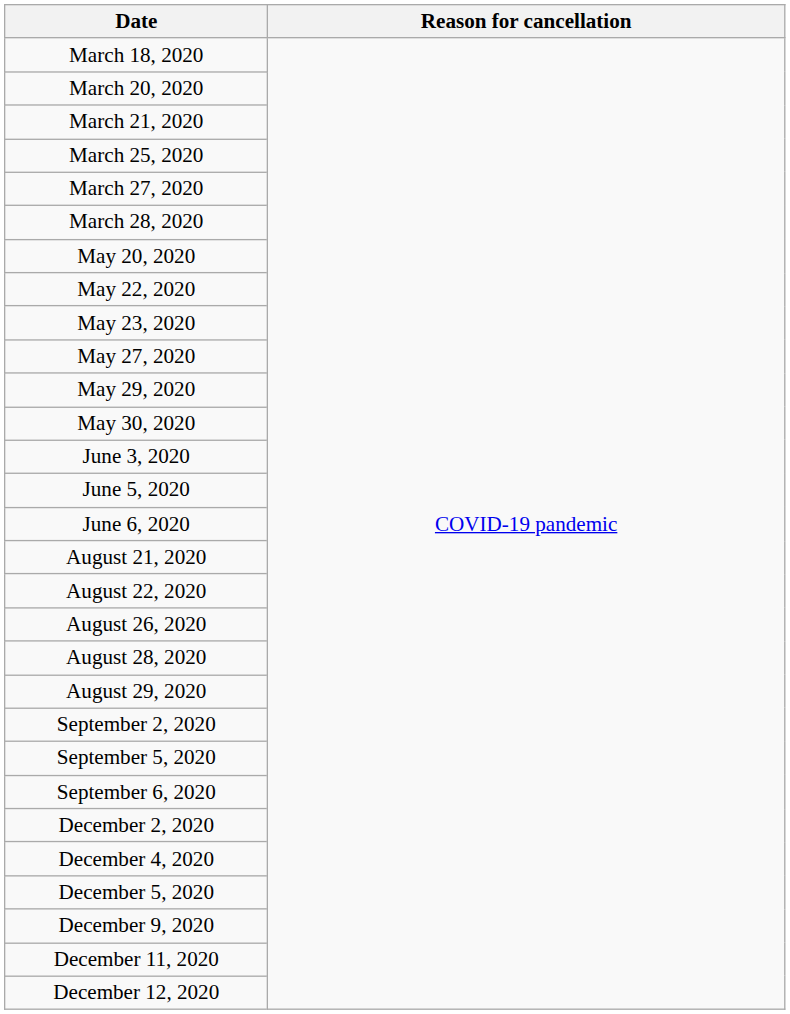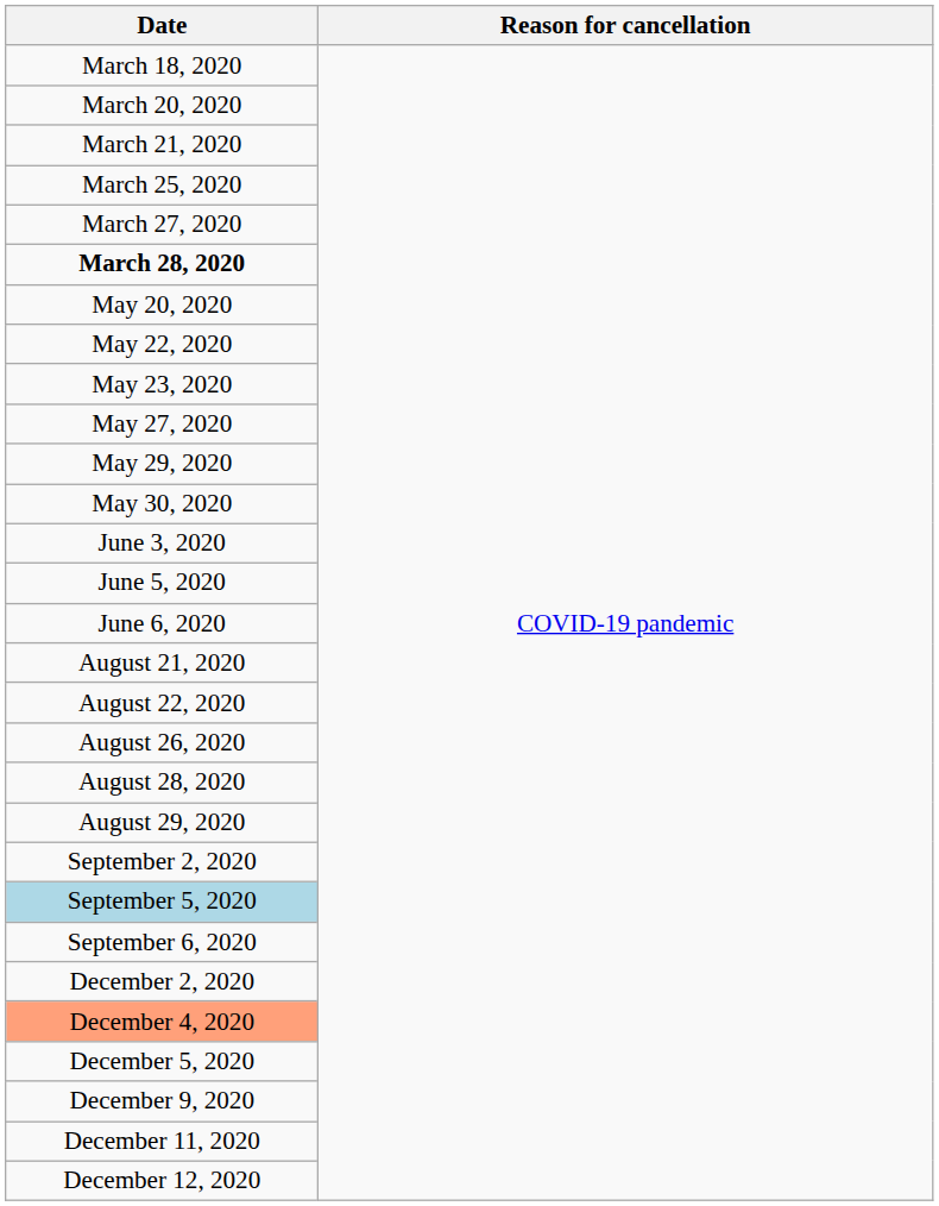 <table class="wikitable plainrowheaders" style="text-align:center;">
 <tr>
 <th scope="col" style="width:12em;">Date</th>
 <th scope="col" style="width:24em;">Reason for cancellation</th>
 </tr>
 <tr>
 <td scope="row">March 18, 2020</td>
 <td rowspan="29"><a href='#'>COVID-19 pandemic</a></td>
 </tr>
 <tr>
 <td scope="row">March 20, 2020</td>
 </tr>
 <tr>
 <td scope="row">March 21, 2020</td>
 </tr>
 <tr>
 <td scope="row">March 25, 2020</td>
 </tr>
 <tr>
 <td scope="row">March 27, 2020</td>
 </tr>
 <tr>
-<td scope="row">March 28, 2020</td>
+<td scope="row"><strong>March 28, 2020</strong></td>
 </tr>
 <tr>
 <td scope="row">May 20, 2020</td>
 </tr>
 <tr>
 <td scope="row">May 22, 2020</td>
 </tr>
 <tr>
 <td scope="row">May 23, 2020</td>
 </tr>
 <tr>
 <td scope="row">May 27, 2020</td>
 </tr>
 <tr>
 <td scope="row">May 29, 2020</td>
 </tr>
 <tr>
 <td scope="row">May 30, 2020</td>
 </tr>
 <tr>
 <td scope="row">June 3, 2020</td>
 </tr>
 <tr>
 <td scope="row">June 5, 2020</td>
 </tr>
 <tr>
 <td scope="row">June 6, 2020</td>
 </tr>
 <tr>
 <td scope="row">August 21, 2020</td>
 </tr>
 <tr>
 <td scope="row">August 22, 2020</td>
 </tr>
 <tr>
 <td scope="row">August 26, 2020</td>
 </tr>
 <tr>
 <td scope="row">August 28, 2020</td>
 </tr>
 <tr>
 <td scope="row">August 29, 2020</td>
 </tr>
 <tr>
 <td scope="row">September 2, 2020</td>
 </tr>
 <tr>
-<td scope="row">September 5, 2020</td>
+<td scope="row" style="background: lightblue;">September 5, 2020</td>
 </tr>
 <tr>
 <td scope="row">September 6, 2020</td>
 </tr>
 <tr>
 <td scope="row">December 2, 2020</td>
 </tr>
 <tr>
-<td scope="row">December 4, 2020</td>
+<td scope="row" style="background: lightsalmon;">December 4, 2020</td>
 </tr>
 <tr>
 <td scope="row">December 5, 2020</td>
 </tr>
 <tr>
 <td scope="row">December 9, 2020</td>
 </tr>
 <tr>
 <td scope="row">December 11, 2020</td>
 </tr>
 <tr>
 <td scope="row">December 12, 2020</td>
 </tr>
 </table>
